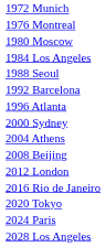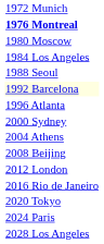 <table>
 <tr>
 <td><a href='#'>1972 Munich</a> <br> </td>
 <td></td>
 <td></td>
 <td></td>
 </tr>
 <tr>
-<td><a href='#'>1976 Montreal</a> <br> </td>
+<td><strong><a href='#'>1976 Montreal</a> <br> </strong></td>
 <td></td>
 <td></td>
 <td></td>
 </tr>
 <tr>
 <td><a href='#'>1980 Moscow</a> <br> </td>
 <td></td>
 <td></td>
 <td></td>
 </tr>
 <tr>
 <td><a href='#'>1984 Los Angeles</a> <br> </td>
 <td></td>
 <td></td>
 <td></td>
 </tr>
 <tr>
 <td><a href='#'>1988 Seoul</a> <br> </td>
 <td></td>
 <td></td>
 <td></td>
 </tr>
 <tr>
-<td><a href='#'>1992 Barcelona</a> <br> </td>
+<td style="background: lightyellow;"><a href='#'>1992 Barcelona</a> <br> </td>
 <td></td>
 <td></td>
 <td></td>
 </tr>
 <tr>
 <td><a href='#'>1996 Atlanta</a> <br> </td>
 <td></td>
 <td></td>
 <td></td>
 </tr>
 <tr>
 <td><a href='#'>2000 Sydney</a> <br> </td>
 <td></td>
 <td></td>
 <td></td>
 </tr>
 <tr>
 <td><a href='#'>2004 Athens</a> <br> </td>
 <td></td>
 <td></td>
 <td></td>
 </tr>
 <tr>
 <td><a href='#'>2008 Beijing</a> <br> </td>
 <td></td>
 <td></td>
 <td></td>
 </tr>
 <tr>
 <td><a href='#'>2012 London</a> <br> </td>
 <td></td>
 <td></td>
 <td></td>
 </tr>
 <tr>
 <td><a href='#'>2016 Rio de Janeiro</a> <br> </td>
 <td></td>
 <td></td>
 <td></td>
 </tr>
 <tr>
 <td><a href='#'>2020 Tokyo</a> <br> </td>
 <td></td>
 <td></td>
 <td></td>
 </tr>
 <tr>
 <td><a href='#'>2024 Paris</a><br> </td>
 <td></td>
 <td></td>
 <td></td>
 </tr>
 <tr>
 <td><a href='#'>2028 Los Angeles</a> <br> </td>
 <td></td>
 <td></td>
 <td></td>
 </tr>
 </table>
